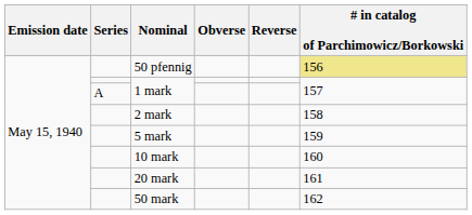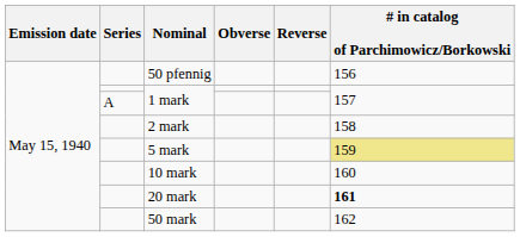 <table class="wikitable">
 <tr>
 <th>Emission date</th>
 <th>Series</th>
 <th>Nominal</th>
 <th>Obverse</th>
 <th>Reverse</th>
 <th># in catalog<br><br>of Parchimowicz/Borkowski</th>
 </tr>
 <tr>
 <td rowspan="8">May 15, 1940</td>
 <td></td>
 <td>50 pfennig</td>
 <td></td>
 <td></td>
-<td style="background: khaki;">156</td>
+<td>156</td>
 </tr>
 <tr>
 <td></td>
 <td rowspan="2">1 mark</td>
 <td></td>
 <td></td>
 <td rowspan="2">157</td>
 </tr>
 <tr>
 <td>A</td>
 <td></td>
 <td></td>
 </tr>
 <tr>
 <td></td>
 <td>2 mark</td>
 <td></td>
 <td></td>
 <td>158</td>
 </tr>
 <tr>
 <td></td>
 <td>5 mark</td>
 <td></td>
 <td></td>
-<td>159</td>
+<td style="background: khaki;">159</td>
 </tr>
 <tr>
 <td></td>
 <td>10 mark</td>
 <td></td>
 <td></td>
 <td>160</td>
 </tr>
 <tr>
 <td></td>
 <td>20 mark</td>
 <td></td>
 <td></td>
-<td>161</td>
+<td><strong>161</strong></td>
 </tr>
 <tr>
 <td></td>
 <td>50 mark</td>
 <td></td>
 <td></td>
 <td>162</td>
 </tr>
 </table>
